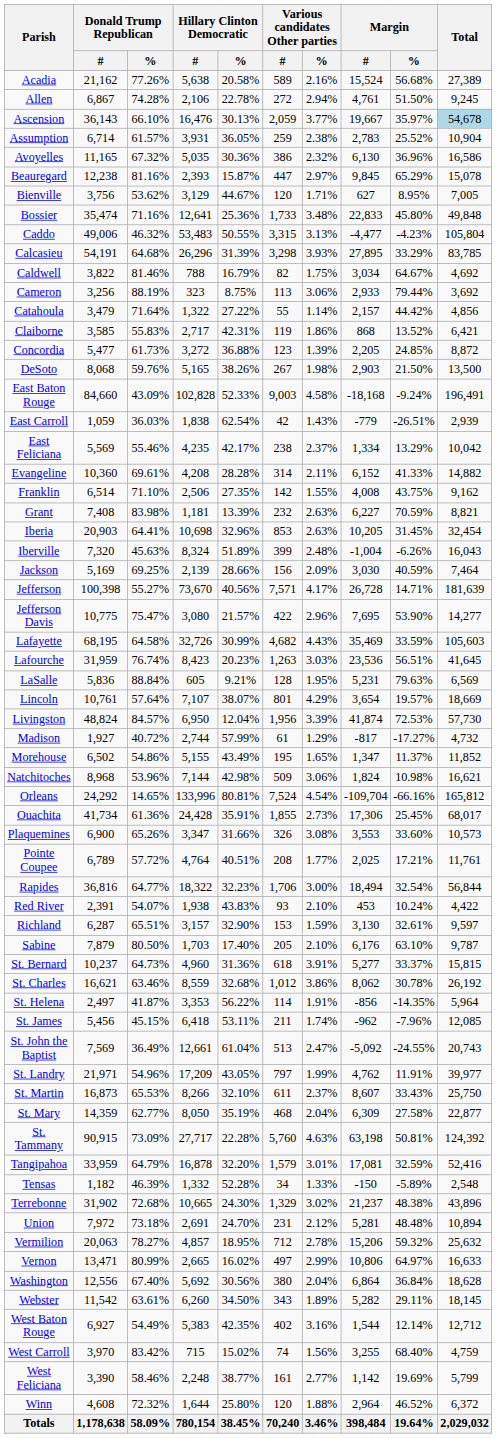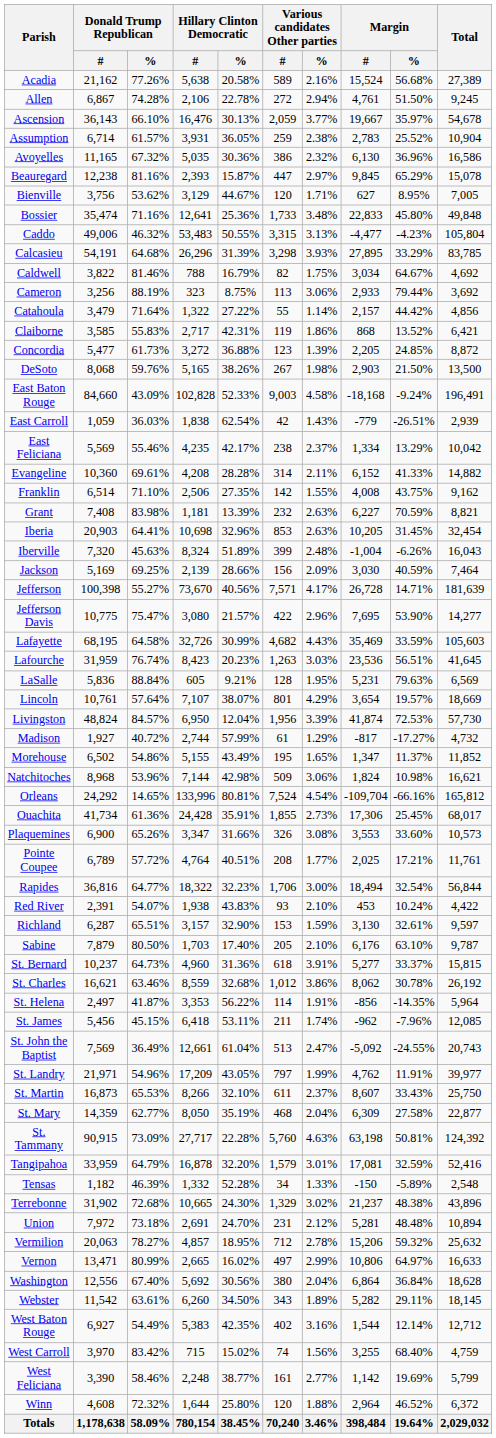 <table width="60%" class="wikitable sortable">
 <tr>
 <th rowspan="2">Parish</th>
 <th colspan="2">Donald Trump<br>Republican</th>
 <th colspan="2">Hillary Clinton<br>Democratic</th>
 <th colspan="2">Various candidates<br>Other parties</th>
 <th colspan="2">Margin</th>
 <th rowspan="2">Total</th>
 </tr>
 <tr>
 <th style="text-align:center;" data-sort-type="number">#</th>
 <th style="text-align:center;" data-sort-type="number">%</th>
 <th style="text-align:center;" data-sort-type="number">#</th>
 <th style="text-align:center;" data-sort-type="number">%</th>
 <th style="text-align:center;" data-sort-type="number">#</th>
 <th style="text-align:center;" data-sort-type="number">%</th>
 <th style="text-align:center;" data-sort-type="number">#</th>
 <th style="text-align:center;" data-sort-type="number">%</th>
 </tr>
 <tr style="text-align:center;">
 <td><a href='#'>Acadia</a></td>
 <td>21,162</td>
 <td>77.26%</td>
 <td>5,638</td>
 <td>20.58%</td>
 <td>589</td>
 <td>2.16%</td>
 <td>15,524</td>
 <td>56.68%</td>
 <td>27,389</td>
 </tr>
 <tr style="text-align:center;">
 <td><a href='#'>Allen</a></td>
 <td>6,867</td>
 <td>74.28%</td>
 <td>2,106</td>
 <td>22.78%</td>
 <td>272</td>
 <td>2.94%</td>
 <td>4,761</td>
 <td>51.50%</td>
 <td>9,245</td>
 </tr>
 <tr style="text-align:center;">
 <td><a href='#'>Ascension</a></td>
 <td>36,143</td>
 <td>66.10%</td>
 <td>16,476</td>
 <td>30.13%</td>
 <td>2,059</td>
 <td>3.77%</td>
 <td>19,667</td>
 <td>35.97%</td>
-<td style="background: lightblue;">54,678</td>
+<td>54,678</td>
 </tr>
 <tr style="text-align:center;">
 <td><a href='#'>Assumption</a></td>
 <td>6,714</td>
 <td>61.57%</td>
 <td>3,931</td>
 <td>36.05%</td>
 <td>259</td>
 <td>2.38%</td>
 <td>2,783</td>
 <td>25.52%</td>
 <td>10,904</td>
 </tr>
 <tr style="text-align:center;">
 <td><a href='#'>Avoyelles</a></td>
 <td>11,165</td>
 <td>67.32%</td>
 <td>5,035</td>
 <td>30.36%</td>
 <td>386</td>
 <td>2.32%</td>
 <td>6,130</td>
 <td>36.96%</td>
 <td>16,586</td>
 </tr>
 <tr style="text-align:center;">
 <td><a href='#'>Beauregard</a></td>
 <td>12,238</td>
 <td>81.16%</td>
 <td>2,393</td>
 <td>15.87%</td>
 <td>447</td>
 <td>2.97%</td>
 <td>9,845</td>
 <td>65.29%</td>
 <td>15,078</td>
 </tr>
 <tr style="text-align:center;">
 <td><a href='#'>Bienville</a></td>
 <td>3,756</td>
 <td>53.62%</td>
 <td>3,129</td>
 <td>44.67%</td>
 <td>120</td>
 <td>1.71%</td>
 <td>627</td>
 <td>8.95%</td>
 <td>7,005</td>
 </tr>
 <tr style="text-align:center;">
 <td><a href='#'>Bossier</a></td>
 <td>35,474</td>
 <td>71.16%</td>
 <td>12,641</td>
 <td>25.36%</td>
 <td>1,733</td>
 <td>3.48%</td>
 <td>22,833</td>
 <td>45.80%</td>
 <td>49,848</td>
 </tr>
 <tr style="text-align:center;">
 <td><a href='#'>Caddo</a></td>
 <td>49,006</td>
 <td>46.32%</td>
 <td>53,483</td>
 <td>50.55%</td>
 <td>3,315</td>
 <td>3.13%</td>
 <td>-4,477</td>
 <td>-4.23%</td>
 <td>105,804</td>
 </tr>
 <tr style="text-align:center;">
 <td><a href='#'>Calcasieu</a></td>
 <td>54,191</td>
 <td>64.68%</td>
 <td>26,296</td>
 <td>31.39%</td>
 <td>3,298</td>
 <td>3.93%</td>
 <td>27,895</td>
 <td>33.29%</td>
 <td>83,785</td>
 </tr>
 <tr style="text-align:center;">
 <td><a href='#'>Caldwell</a></td>
 <td>3,822</td>
 <td>81.46%</td>
 <td>788</td>
 <td>16.79%</td>
 <td>82</td>
 <td>1.75%</td>
 <td>3,034</td>
 <td>64.67%</td>
 <td>4,692</td>
 </tr>
 <tr style="text-align:center;">
 <td><a href='#'>Cameron</a></td>
 <td>3,256</td>
 <td>88.19%</td>
 <td>323</td>
 <td>8.75%</td>
 <td>113</td>
 <td>3.06%</td>
 <td>2,933</td>
 <td>79.44%</td>
 <td>3,692</td>
 </tr>
 <tr style="text-align:center;">
 <td><a href='#'>Catahoula</a></td>
 <td>3,479</td>
 <td>71.64%</td>
 <td>1,322</td>
 <td>27.22%</td>
 <td>55</td>
 <td>1.14%</td>
 <td>2,157</td>
 <td>44.42%</td>
 <td>4,856</td>
 </tr>
 <tr style="text-align:center;">
 <td><a href='#'>Claiborne</a></td>
 <td>3,585</td>
 <td>55.83%</td>
 <td>2,717</td>
 <td>42.31%</td>
 <td>119</td>
 <td>1.86%</td>
 <td>868</td>
 <td>13.52%</td>
 <td>6,421</td>
 </tr>
 <tr style="text-align:center;">
 <td><a href='#'>Concordia</a></td>
 <td>5,477</td>
 <td>61.73%</td>
 <td>3,272</td>
 <td>36.88%</td>
 <td>123</td>
 <td>1.39%</td>
 <td>2,205</td>
 <td>24.85%</td>
 <td>8,872</td>
 </tr>
 <tr style="text-align:center;">
 <td><a href='#'>DeSoto</a></td>
 <td>8,068</td>
 <td>59.76%</td>
 <td>5,165</td>
 <td>38.26%</td>
 <td>267</td>
 <td>1.98%</td>
 <td>2,903</td>
 <td>21.50%</td>
 <td>13,500</td>
 </tr>
 <tr style="text-align:center;">
 <td><a href='#'>East Baton Rouge</a></td>
 <td>84,660</td>
 <td>43.09%</td>
 <td>102,828</td>
 <td>52.33%</td>
 <td>9,003</td>
 <td>4.58%</td>
 <td>-18,168</td>
 <td>-9.24%</td>
 <td>196,491</td>
 </tr>
 <tr style="text-align:center;">
 <td><a href='#'>East Carroll</a></td>
 <td>1,059</td>
 <td>36.03%</td>
 <td>1,838</td>
 <td>62.54%</td>
 <td>42</td>
 <td>1.43%</td>
 <td>-779</td>
 <td>-26.51%</td>
 <td>2,939</td>
 </tr>
 <tr style="text-align:center;">
 <td><a href='#'>East Feliciana</a></td>
 <td>5,569</td>
 <td>55.46%</td>
 <td>4,235</td>
 <td>42.17%</td>
 <td>238</td>
 <td>2.37%</td>
 <td>1,334</td>
 <td>13.29%</td>
 <td>10,042</td>
 </tr>
 <tr style="text-align:center;">
 <td><a href='#'>Evangeline</a></td>
 <td>10,360</td>
 <td>69.61%</td>
 <td>4,208</td>
 <td>28.28%</td>
 <td>314</td>
 <td>2.11%</td>
 <td>6,152</td>
 <td>41.33%</td>
 <td>14,882</td>
 </tr>
 <tr style="text-align:center;">
 <td><a href='#'>Franklin</a></td>
 <td>6,514</td>
 <td>71.10%</td>
 <td>2,506</td>
 <td>27.35%</td>
 <td>142</td>
 <td>1.55%</td>
 <td>4,008</td>
 <td>43.75%</td>
 <td>9,162</td>
 </tr>
 <tr style="text-align:center;">
 <td><a href='#'>Grant</a></td>
 <td>7,408</td>
 <td>83.98%</td>
 <td>1,181</td>
 <td>13.39%</td>
 <td>232</td>
 <td>2.63%</td>
 <td>6,227</td>
 <td>70.59%</td>
 <td>8,821</td>
 </tr>
 <tr style="text-align:center;">
 <td><a href='#'>Iberia</a></td>
 <td>20,903</td>
 <td>64.41%</td>
 <td>10,698</td>
 <td>32.96%</td>
 <td>853</td>
 <td>2.63%</td>
 <td>10,205</td>
 <td>31.45%</td>
 <td>32,454</td>
 </tr>
 <tr style="text-align:center;">
 <td><a href='#'>Iberville</a></td>
 <td>7,320</td>
 <td>45.63%</td>
 <td>8,324</td>
 <td>51.89%</td>
 <td>399</td>
 <td>2.48%</td>
 <td>-1,004</td>
 <td>-6.26%</td>
 <td>16,043</td>
 </tr>
 <tr style="text-align:center;">
 <td><a href='#'>Jackson</a></td>
 <td>5,169</td>
 <td>69.25%</td>
 <td>2,139</td>
 <td>28.66%</td>
 <td>156</td>
 <td>2.09%</td>
 <td>3,030</td>
 <td>40.59%</td>
 <td>7,464</td>
 </tr>
 <tr style="text-align:center;">
 <td><a href='#'>Jefferson</a></td>
 <td>100,398</td>
 <td>55.27%</td>
 <td>73,670</td>
 <td>40.56%</td>
 <td>7,571</td>
 <td>4.17%</td>
 <td>26,728</td>
 <td>14.71%</td>
 <td>181,639</td>
 </tr>
 <tr style="text-align:center;">
 <td><a href='#'>Jefferson Davis</a></td>
 <td>10,775</td>
 <td>75.47%</td>
 <td>3,080</td>
 <td>21.57%</td>
 <td>422</td>
 <td>2.96%</td>
 <td>7,695</td>
 <td>53.90%</td>
 <td>14,277</td>
 </tr>
 <tr style="text-align:center;">
 <td><a href='#'>Lafayette</a></td>
 <td>68,195</td>
 <td>64.58%</td>
 <td>32,726</td>
 <td>30.99%</td>
 <td>4,682</td>
 <td>4.43%</td>
 <td>35,469</td>
 <td>33.59%</td>
 <td>105,603</td>
 </tr>
 <tr style="text-align:center;">
 <td><a href='#'>Lafourche</a></td>
 <td>31,959</td>
 <td>76.74%</td>
 <td>8,423</td>
 <td>20.23%</td>
 <td>1,263</td>
 <td>3.03%</td>
 <td>23,536</td>
 <td>56.51%</td>
 <td>41,645</td>
 </tr>
 <tr style="text-align:center;">
 <td><a href='#'>LaSalle</a></td>
 <td>5,836</td>
 <td>88.84%</td>
 <td>605</td>
 <td>9.21%</td>
 <td>128</td>
 <td>1.95%</td>
 <td>5,231</td>
 <td>79.63%</td>
 <td>6,569</td>
 </tr>
 <tr style="text-align:center;">
 <td><a href='#'>Lincoln</a></td>
 <td>10,761</td>
 <td>57.64%</td>
 <td>7,107</td>
 <td>38.07%</td>
 <td>801</td>
 <td>4.29%</td>
 <td>3,654</td>
 <td>19.57%</td>
 <td>18,669</td>
 </tr>
 <tr style="text-align:center;">
 <td><a href='#'>Livingston</a></td>
 <td>48,824</td>
 <td>84.57%</td>
 <td>6,950</td>
 <td>12.04%</td>
 <td>1,956</td>
 <td>3.39%</td>
 <td>41,874</td>
 <td>72.53%</td>
 <td>57,730</td>
 </tr>
 <tr style="text-align:center;">
 <td><a href='#'>Madison</a></td>
 <td>1,927</td>
 <td>40.72%</td>
 <td>2,744</td>
 <td>57.99%</td>
 <td>61</td>
 <td>1.29%</td>
 <td>-817</td>
 <td>-17.27%</td>
 <td>4,732</td>
 </tr>
 <tr style="text-align:center;">
 <td><a href='#'>Morehouse</a></td>
 <td>6,502</td>
 <td>54.86%</td>
 <td>5,155</td>
 <td>43.49%</td>
 <td>195</td>
 <td>1.65%</td>
 <td>1,347</td>
 <td>11.37%</td>
 <td>11,852</td>
 </tr>
 <tr style="text-align:center;">
 <td><a href='#'>Natchitoches</a></td>
 <td>8,968</td>
 <td>53.96%</td>
 <td>7,144</td>
 <td>42.98%</td>
 <td>509</td>
 <td>3.06%</td>
 <td>1,824</td>
 <td>10.98%</td>
 <td>16,621</td>
 </tr>
 <tr style="text-align:center;">
 <td><a href='#'>Orleans</a></td>
 <td>24,292</td>
 <td>14.65%</td>
 <td>133,996</td>
 <td>80.81%</td>
 <td>7,524</td>
 <td>4.54%</td>
 <td>-109,704</td>
 <td>-66.16%</td>
 <td>165,812</td>
 </tr>
 <tr style="text-align:center;">
 <td><a href='#'>Ouachita</a></td>
 <td>41,734</td>
 <td>61.36%</td>
 <td>24,428</td>
 <td>35.91%</td>
 <td>1,855</td>
 <td>2.73%</td>
 <td>17,306</td>
 <td>25.45%</td>
 <td>68,017</td>
 </tr>
 <tr style="text-align:center;">
 <td><a href='#'>Plaquemines</a></td>
 <td>6,900</td>
 <td>65.26%</td>
 <td>3,347</td>
 <td>31.66%</td>
 <td>326</td>
 <td>3.08%</td>
 <td>3,553</td>
 <td>33.60%</td>
 <td>10,573</td>
 </tr>
 <tr style="text-align:center;">
 <td><a href='#'>Pointe Coupee</a></td>
 <td>6,789</td>
 <td>57.72%</td>
 <td>4,764</td>
 <td>40.51%</td>
 <td>208</td>
 <td>1.77%</td>
 <td>2,025</td>
 <td>17.21%</td>
 <td>11,761</td>
 </tr>
 <tr style="text-align:center;">
 <td><a href='#'>Rapides</a></td>
 <td>36,816</td>
 <td>64.77%</td>
 <td>18,322</td>
 <td>32.23%</td>
 <td>1,706</td>
 <td>3.00%</td>
 <td>18,494</td>
 <td>32.54%</td>
 <td>56,844</td>
 </tr>
 <tr style="text-align:center;">
 <td><a href='#'>Red River</a></td>
 <td>2,391</td>
 <td>54.07%</td>
 <td>1,938</td>
 <td>43.83%</td>
 <td>93</td>
 <td>2.10%</td>
 <td>453</td>
 <td>10.24%</td>
 <td>4,422</td>
 </tr>
 <tr style="text-align:center;">
 <td><a href='#'>Richland</a></td>
 <td>6,287</td>
 <td>65.51%</td>
 <td>3,157</td>
 <td>32.90%</td>
 <td>153</td>
 <td>1.59%</td>
 <td>3,130</td>
 <td>32.61%</td>
 <td>9,597</td>
 </tr>
 <tr style="text-align:center;">
 <td><a href='#'>Sabine</a></td>
 <td>7,879</td>
 <td>80.50%</td>
 <td>1,703</td>
 <td>17.40%</td>
 <td>205</td>
 <td>2.10%</td>
 <td>6,176</td>
 <td>63.10%</td>
 <td>9,787</td>
 </tr>
 <tr style="text-align:center;">
 <td><a href='#'>St. Bernard</a></td>
 <td>10,237</td>
 <td>64.73%</td>
 <td>4,960</td>
 <td>31.36%</td>
 <td>618</td>
 <td>3.91%</td>
 <td>5,277</td>
 <td>33.37%</td>
 <td>15,815</td>
 </tr>
 <tr style="text-align:center;">
 <td><a href='#'>St. Charles</a></td>
 <td>16,621</td>
 <td>63.46%</td>
 <td>8,559</td>
 <td>32.68%</td>
 <td>1,012</td>
 <td>3.86%</td>
 <td>8,062</td>
 <td>30.78%</td>
 <td>26,192</td>
 </tr>
 <tr style="text-align:center;">
 <td><a href='#'>St. Helena</a></td>
 <td>2,497</td>
 <td>41.87%</td>
 <td>3,353</td>
 <td>56.22%</td>
 <td>114</td>
 <td>1.91%</td>
 <td>-856</td>
 <td>-14.35%</td>
 <td>5,964</td>
 </tr>
 <tr style="text-align:center;">
 <td><a href='#'>St. James</a></td>
 <td>5,456</td>
 <td>45.15%</td>
 <td>6,418</td>
 <td>53.11%</td>
 <td>211</td>
 <td>1.74%</td>
 <td>-962</td>
 <td>-7.96%</td>
 <td>12,085</td>
 </tr>
 <tr style="text-align:center;">
 <td><a href='#'>St. John the Baptist</a></td>
 <td>7,569</td>
 <td>36.49%</td>
 <td>12,661</td>
 <td>61.04%</td>
 <td>513</td>
 <td>2.47%</td>
 <td>-5,092</td>
 <td>-24.55%</td>
 <td>20,743</td>
 </tr>
 <tr style="text-align:center;">
 <td><a href='#'>St. Landry</a></td>
 <td>21,971</td>
 <td>54.96%</td>
 <td>17,209</td>
 <td>43.05%</td>
 <td>797</td>
 <td>1.99%</td>
 <td>4,762</td>
 <td>11.91%</td>
 <td>39,977</td>
 </tr>
 <tr style="text-align:center;">
 <td><a href='#'>St. Martin</a></td>
 <td>16,873</td>
 <td>65.53%</td>
 <td>8,266</td>
 <td>32.10%</td>
 <td>611</td>
 <td>2.37%</td>
 <td>8,607</td>
 <td>33.43%</td>
 <td>25,750</td>
 </tr>
 <tr style="text-align:center;">
 <td><a href='#'>St. Mary</a></td>
 <td>14,359</td>
 <td>62.77%</td>
 <td>8,050</td>
 <td>35.19%</td>
 <td>468</td>
 <td>2.04%</td>
 <td>6,309</td>
 <td>27.58%</td>
 <td>22,877</td>
 </tr>
 <tr style="text-align:center;">
 <td><a href='#'>St. Tammany</a></td>
 <td>90,915</td>
 <td>73.09%</td>
 <td>27,717</td>
 <td>22.28%</td>
 <td>5,760</td>
 <td>4.63%</td>
 <td>63,198</td>
 <td>50.81%</td>
 <td>124,392</td>
 </tr>
 <tr style="text-align:center;">
 <td><a href='#'>Tangipahoa</a></td>
 <td>33,959</td>
 <td>64.79%</td>
 <td>16,878</td>
 <td>32.20%</td>
 <td>1,579</td>
 <td>3.01%</td>
 <td>17,081</td>
 <td>32.59%</td>
 <td>52,416</td>
 </tr>
 <tr style="text-align:center;">
 <td><a href='#'>Tensas</a></td>
 <td>1,182</td>
 <td>46.39%</td>
 <td>1,332</td>
 <td>52.28%</td>
 <td>34</td>
 <td>1.33%</td>
 <td>-150</td>
 <td>-5.89%</td>
 <td>2,548</td>
 </tr>
 <tr style="text-align:center;">
 <td><a href='#'>Terrebonne</a></td>
 <td>31,902</td>
 <td>72.68%</td>
 <td>10,665</td>
 <td>24.30%</td>
 <td>1,329</td>
 <td>3.02%</td>
 <td>21,237</td>
 <td>48.38%</td>
 <td>43,896</td>
 </tr>
 <tr style="text-align:center;">
 <td><a href='#'>Union</a></td>
 <td>7,972</td>
 <td>73.18%</td>
 <td>2,691</td>
 <td>24.70%</td>
 <td>231</td>
 <td>2.12%</td>
 <td>5,281</td>
 <td>48.48%</td>
 <td>10,894</td>
 </tr>
 <tr style="text-align:center;">
 <td><a href='#'>Vermilion</a></td>
 <td>20,063</td>
 <td>78.27%</td>
 <td>4,857</td>
 <td>18.95%</td>
 <td>712</td>
 <td>2.78%</td>
 <td>15,206</td>
 <td>59.32%</td>
 <td>25,632</td>
 </tr>
 <tr style="text-align:center;">
 <td><a href='#'>Vernon</a></td>
 <td>13,471</td>
 <td>80.99%</td>
 <td>2,665</td>
 <td>16.02%</td>
 <td>497</td>
 <td>2.99%</td>
 <td>10,806</td>
 <td>64.97%</td>
 <td>16,633</td>
 </tr>
 <tr style="text-align:center;">
 <td><a href='#'>Washington</a></td>
 <td>12,556</td>
 <td>67.40%</td>
 <td>5,692</td>
 <td>30.56%</td>
 <td>380</td>
 <td>2.04%</td>
 <td>6,864</td>
 <td>36.84%</td>
 <td>18,628</td>
 </tr>
 <tr style="text-align:center;">
 <td><a href='#'>Webster</a></td>
 <td>11,542</td>
 <td>63.61%</td>
 <td>6,260</td>
 <td>34.50%</td>
 <td>343</td>
 <td>1.89%</td>
 <td>5,282</td>
 <td>29.11%</td>
 <td>18,145</td>
 </tr>
 <tr style="text-align:center;">
 <td><a href='#'>West Baton Rouge</a></td>
 <td>6,927</td>
 <td>54.49%</td>
 <td>5,383</td>
 <td>42.35%</td>
 <td>402</td>
 <td>3.16%</td>
 <td>1,544</td>
 <td>12.14%</td>
 <td>12,712</td>
 </tr>
 <tr style="text-align:center;">
 <td><a href='#'>West Carroll</a></td>
 <td>3,970</td>
 <td>83.42%</td>
 <td>715</td>
 <td>15.02%</td>
 <td>74</td>
 <td>1.56%</td>
 <td>3,255</td>
 <td>68.40%</td>
 <td>4,759</td>
 </tr>
 <tr style="text-align:center;">
 <td><a href='#'>West Feliciana</a></td>
 <td>3,390</td>
 <td>58.46%</td>
 <td>2,248</td>
 <td>38.77%</td>
 <td>161</td>
 <td>2.77%</td>
 <td>1,142</td>
 <td>19.69%</td>
 <td>5,799</td>
 </tr>
 <tr style="text-align:center;">
 <td><a href='#'>Winn</a></td>
 <td>4,608</td>
 <td>72.32%</td>
 <td>1,644</td>
 <td>25.80%</td>
 <td>120</td>
 <td>1.88%</td>
 <td>2,964</td>
 <td>46.52%</td>
 <td>6,372</td>
 </tr>
 <tr>
 <th>Totals</th>
 <th>1,178,638</th>
 <th>58.09%</th>
 <th>780,154</th>
 <th>38.45%</th>
 <th>70,240</th>
 <th>3.46%</th>
 <th>398,484</th>
 <th>19.64%</th>
 <th>2,029,032</th>
 </tr>
 </table>
